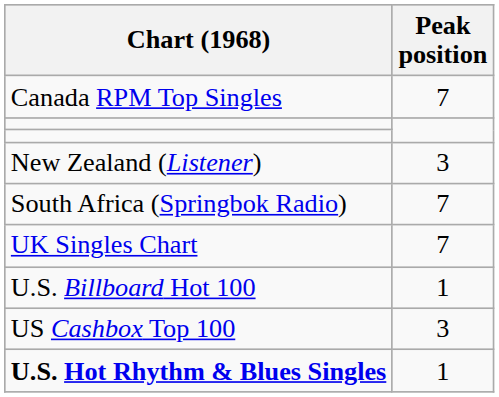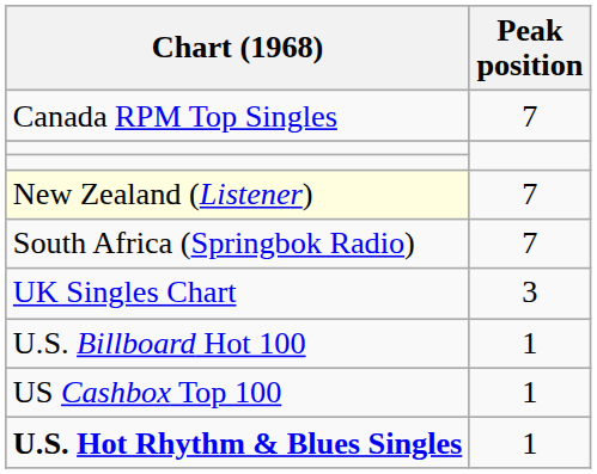 <table class="wikitable sortable">
 <tr>
 <th align="left">Chart (1968)</th>
 <th style="text-align:center;">Peak<br>position</th>
 </tr>
 <tr>
 <td align="left">Canada <a href='#'>RPM Top Singles</a></td>
 <td style="text-align:center;">7</td>
 </tr>
 <tr>
 <td></td>
 </tr>
 <tr>
 <td></td>
 </tr>
 <tr>
-<td align="left">New Zealand (<em><a href='#'>Listener</a></em>)</td>
-<td style="text-align:center;">3</td>
+<td align="left" style="background: lightyellow;">New Zealand (<em><a href='#'>Listener</a></em>)</td>
+<td style="text-align:center;">7</td>
 </tr>
 <tr>
 <td>South Africa (<a href='#'>Springbok Radio</a>)</td>
 <td align="center">7</td>
 </tr>
 <tr>
 <td align="left"><a href='#'>UK Singles Chart</a></td>
-<td style="text-align:center;">7</td>
+<td style="text-align:center;">3</td>
 </tr>
 <tr>
 <td align="left">U.S. <a href='#'><em>Billboard</em> Hot 100</a></td>
 <td style="text-align:center;">1</td>
 </tr>
 <tr>
 <td align="left">US <a href='#'><em>Cashbox</em> Top 100</a></td>
-<td style="text-align:center;">3</td>
+<td style="text-align:center;">1</td>
 </tr>
 <tr>
 <td align="left"><strong>U.S. <a href='#'>Hot Rhythm & Blues Singles</a></strong></td>
 <td style="text-align:center;">1</td>
 </tr>
 </table>
